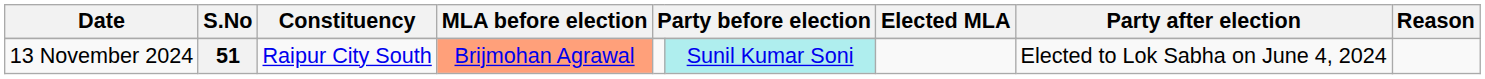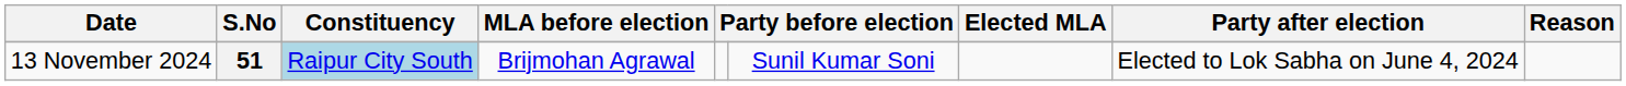 <table class="wikitable sortable" style="text-align:center;">
 <tr>
 <th>Date</th>
 <th>S.No</th>
 <th>Constituency</th>
 <th>MLA before election</th>
 <th colspan="2">Party before election</th>
 <th>Elected MLA</th>
 <th colspan="2">Party after election</th>
 <th>Reason</th>
 </tr>
 <tr>
 </tr>
 <tr>
 <td>13 November 2024</td>
 <th>51</th>
-<td><a href='#'>Raipur City South</a></td>
-<td style="background: lightsalmon;"><a href='#'>Brijmohan Agrawal</a></td>
+<td style="background: lightblue;"><a href='#'>Raipur City South</a></td>
+<td><a href='#'>Brijmohan Agrawal</a></td>
 <td></td>
-<td style="background: paleturquoise;"><a href='#'>Sunil Kumar Soni</a></td>
+<td><a href='#'>Sunil Kumar Soni</a></td>
 <td></td>
 <td>Elected to Lok Sabha on June 4, 2024</td>
 </tr>
 </table>
